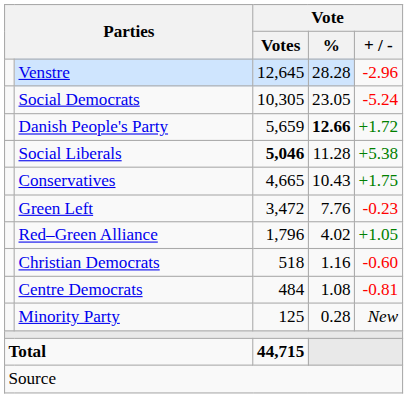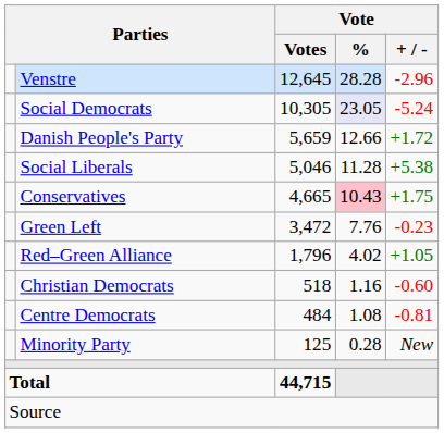 <table class="wikitable" style="text-align:right;">
 <tr>
 <th style="text-align:centre;" rowspan="2" colspan="2" width="225">Parties</th>
 <th colspan="3">Vote</th>
 </tr>
 <tr>
 <th width="15">Votes</th>
 <th width="15">%</th>
 <th width="15">+ / -</th>
 </tr>
 <tr>
 <td width="2" style="color:inherit;background:"></td>
 <td bgcolor=#cfe5fe  align="left"><a href='#'>Venstre</a></td>
 <td bgcolor=#cfe5fe>12,645</td>
 <td bgcolor=#cfe5fe>28.28</td>
 <td style=color:red;>-2.96</td>
 </tr>
 <tr>
 <td width="2" style="color:inherit;background:"></td>
 <td align="left"><a href='#'>Social Democrats</a></td>
 <td>10,305</td>
-<td>23.05</td>
+<td style="background: lavender;">23.05</td>
 <td style=color:red;>-5.24</td>
 </tr>
 <tr>
 <td width="2" style="color:inherit;background:"></td>
 <td align="left"><a href='#'>Danish People's Party</a></td>
 <td>5,659</td>
-<td><strong>12.66</strong></td>
+<td>12.66</td>
 <td style=color:green;>+1.72</td>
 </tr>
 <tr>
 <td width="2" style="color:inherit;background:"></td>
 <td align="left"><a href='#'>Social Liberals</a></td>
-<td><strong>5,046</strong></td>
+<td>5,046</td>
 <td>11.28</td>
 <td style=color:green;>+5.38</td>
 </tr>
 <tr>
 <td width="2" style="color:inherit;background:"></td>
 <td align="left"><a href='#'>Conservatives</a></td>
 <td>4,665</td>
-<td>10.43</td>
+<td style="background: pink;">10.43</td>
 <td style=color:green;>+1.75</td>
 </tr>
 <tr>
 <td width="2" style="color:inherit;background:"></td>
 <td align="left"><a href='#'>Green Left</a></td>
 <td>3,472</td>
 <td>7.76</td>
 <td style=color:red;>-0.23</td>
 </tr>
 <tr>
 <td width="2" style="color:inherit;background:"></td>
 <td align="left"><a href='#'>Red–Green Alliance</a></td>
 <td>1,796</td>
 <td>4.02</td>
 <td style=color:green;>+1.05</td>
 </tr>
 <tr>
 <td width="2" style="color:inherit;background:"></td>
 <td align="left"><a href='#'>Christian Democrats</a></td>
 <td>518</td>
 <td>1.16</td>
 <td style=color:red;>-0.60</td>
 </tr>
 <tr>
 <td width="2" style="color:inherit;background:"></td>
 <td align="left"><a href='#'>Centre Democrats</a></td>
 <td>484</td>
 <td>1.08</td>
 <td style=color:red;>-0.81</td>
 </tr>
 <tr>
 <td width="2" style="color:inherit;background:"></td>
 <td align="left"><a href='#'>Minority Party</a></td>
 <td>125</td>
 <td>0.28</td>
 <td><em>New</em></td>
 </tr>
 <tr>
 <td colspan="7" bgcolor="#E9E9E9"></td>
 </tr>
 <tr>
 <td align="left" colspan="2"><strong>Total</strong></td>
 <td><strong>44,715</strong></td>
 <td bgcolor="#E9E9E9" colspan="2"></td>
 </tr>
 <tr>
 <td align="left" colspan="6">Source</td>
 </tr>
 </table>
